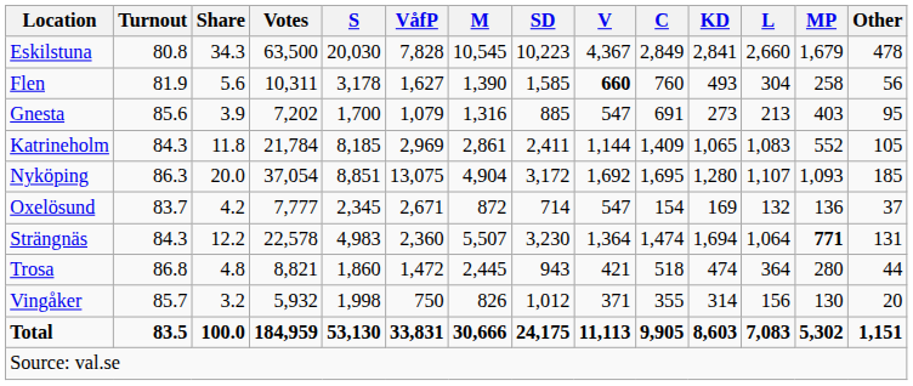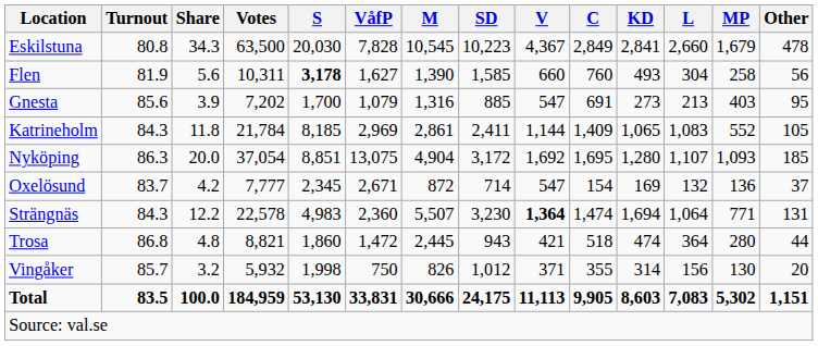 <table class="wikitable sortable" style=text-align:right>
 <tr>
 <th>Location</th>
 <th>Turnout</th>
 <th>Share</th>
 <th>Votes</th>
 <th><a href='#'>S</a></th>
 <th><a href='#'>VåfP</a></th>
 <th><a href='#'>M</a></th>
 <th><a href='#'>SD</a></th>
 <th><a href='#'>V</a></th>
 <th><a href='#'>C</a></th>
 <th><a href='#'>KD</a></th>
 <th><a href='#'>L</a></th>
 <th><a href='#'>MP</a></th>
 <th>Other</th>
 </tr>
 <tr>
 <td align=left><a href='#'>Eskilstuna</a></td>
 <td>80.8</td>
 <td>34.3</td>
 <td>63,500</td>
 <td>20,030</td>
 <td>7,828</td>
 <td>10,545</td>
 <td>10,223</td>
 <td>4,367</td>
 <td>2,849</td>
 <td>2,841</td>
 <td>2,660</td>
 <td>1,679</td>
 <td>478</td>
 </tr>
 <tr>
 <td align=left><a href='#'>Flen</a></td>
 <td>81.9</td>
 <td>5.6</td>
 <td>10,311</td>
-<td>3,178</td>
+<td><strong>3,178</strong></td>
 <td>1,627</td>
 <td>1,390</td>
 <td>1,585</td>
-<td><strong>660</strong></td>
+<td>660</td>
 <td>760</td>
 <td>493</td>
 <td>304</td>
 <td>258</td>
 <td>56</td>
 </tr>
 <tr>
 <td align=left><a href='#'>Gnesta</a></td>
 <td>85.6</td>
 <td>3.9</td>
 <td>7,202</td>
 <td>1,700</td>
 <td>1,079</td>
 <td>1,316</td>
 <td>885</td>
 <td>547</td>
 <td>691</td>
 <td>273</td>
 <td>213</td>
 <td>403</td>
 <td>95</td>
 </tr>
 <tr>
 <td align=left><a href='#'>Katrineholm</a></td>
 <td>84.3</td>
 <td>11.8</td>
 <td>21,784</td>
 <td>8,185</td>
 <td>2,969</td>
 <td>2,861</td>
 <td>2,411</td>
 <td>1,144</td>
 <td>1,409</td>
 <td>1,065</td>
 <td>1,083</td>
 <td>552</td>
 <td>105</td>
 </tr>
 <tr>
 <td align=left><a href='#'>Nyköping</a></td>
 <td>86.3</td>
 <td>20.0</td>
 <td>37,054</td>
 <td>8,851</td>
 <td>13,075</td>
 <td>4,904</td>
 <td>3,172</td>
 <td>1,692</td>
 <td>1,695</td>
 <td>1,280</td>
 <td>1,107</td>
 <td>1,093</td>
 <td>185</td>
 </tr>
 <tr>
 <td align=left><a href='#'>Oxelösund</a></td>
 <td>83.7</td>
 <td>4.2</td>
 <td>7,777</td>
 <td>2,345</td>
 <td>2,671</td>
 <td>872</td>
 <td>714</td>
 <td>547</td>
 <td>154</td>
 <td>169</td>
 <td>132</td>
 <td>136</td>
 <td>37</td>
 </tr>
 <tr>
 <td align=left><a href='#'>Strängnäs</a></td>
 <td>84.3</td>
 <td>12.2</td>
 <td>22,578</td>
 <td>4,983</td>
 <td>2,360</td>
 <td>5,507</td>
 <td>3,230</td>
-<td>1,364</td>
+<td><strong>1,364</strong></td>
 <td>1,474</td>
 <td>1,694</td>
 <td>1,064</td>
-<td><strong>771</strong></td>
+<td>771</td>
 <td>131</td>
 </tr>
 <tr>
 <td align=left><a href='#'>Trosa</a></td>
 <td>86.8</td>
 <td>4.8</td>
 <td>8,821</td>
 <td>1,860</td>
 <td>1,472</td>
 <td>2,445</td>
 <td>943</td>
 <td>421</td>
 <td>518</td>
 <td>474</td>
 <td>364</td>
 <td>280</td>
 <td>44</td>
 </tr>
 <tr>
 <td align=left><a href='#'>Vingåker</a></td>
 <td>85.7</td>
 <td>3.2</td>
 <td>5,932</td>
 <td>1,998</td>
 <td>750</td>
 <td>826</td>
 <td>1,012</td>
 <td>371</td>
 <td>355</td>
 <td>314</td>
 <td>156</td>
 <td>130</td>
 <td>20</td>
 </tr>
 <tr>
 <td align=left><strong>Total</strong></td>
 <td><strong>83.5</strong></td>
 <td><strong>100.0</strong></td>
 <td><strong>184,959</strong></td>
 <td><strong>53,130</strong></td>
 <td><strong>33,831</strong></td>
 <td><strong>30,666</strong></td>
 <td><strong>24,175</strong></td>
 <td><strong>11,113</strong></td>
 <td><strong>9,905</strong></td>
 <td><strong>8,603</strong></td>
 <td><strong>7,083</strong></td>
 <td><strong>5,302</strong></td>
 <td><strong>1,151</strong></td>
 </tr>
 <tr>
 <td align=left colspan=16>Source: val.se </td>
 </tr>
 </table>
